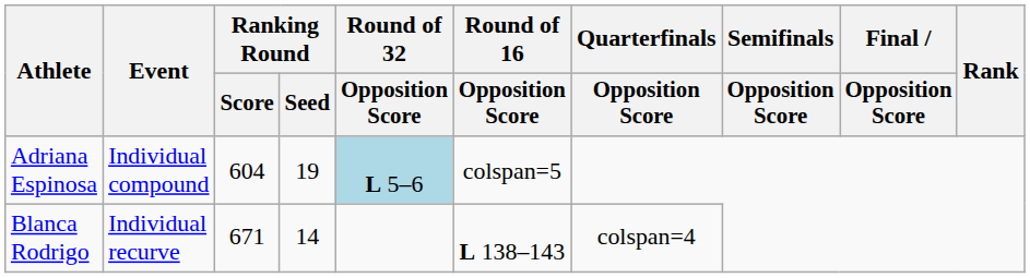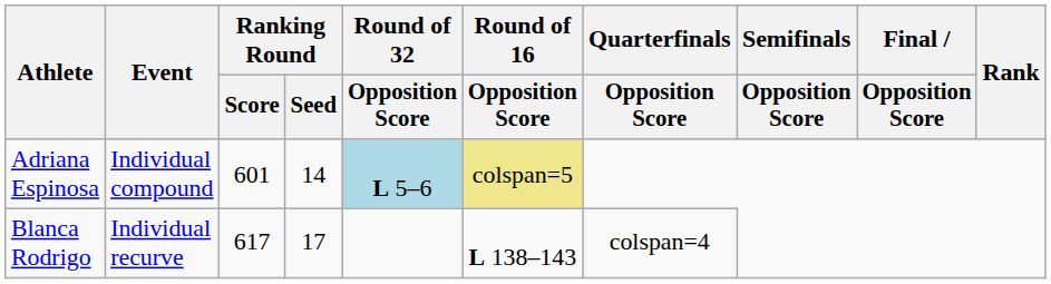 <table class="wikitable" style="font-size:90%">
 <tr>
 <th rowspan="2">Athlete</th>
 <th rowspan="2">Event</th>
 <th colspan="2">Ranking Round</th>
 <th>Round of 32</th>
 <th>Round of 16</th>
 <th>Quarterfinals</th>
 <th>Semifinals</th>
 <th>Final / </th>
 <th rowspan="2">Rank</th>
 </tr>
 <tr style="font-size:95%">
 <th>Score</th>
 <th>Seed</th>
 <th>Opposition<br>Score</th>
 <th>Opposition<br>Score</th>
 <th>Opposition<br>Score</th>
 <th>Opposition<br>Score</th>
 <th>Opposition<br>Score</th>
 </tr>
 <tr align=center>
 <td align=left><a href='#'>Adriana Espinosa</a></td>
 <td align=left><a href='#'>Individual compound</a></td>
-<td>604</td>
-<td>19</td>
+<td>601</td>
+<td>14</td>
 <td style="background: lightblue;"><br><strong>L</strong> 5–6</td>
-<td>colspan=5 </td>
+<td style="background: khaki;">colspan=5 </td>
 </tr>
 <tr align=center>
 <td align=left><a href='#'>Blanca Rodrigo</a></td>
 <td align=left><a href='#'>Individual recurve</a></td>
-<td>671</td>
-<td>14</td>
+<td>617</td>
+<td>17</td>
 <td></td>
 <td><br><strong>L</strong> 138–143</td>
 <td>colspan=4 </td>
 </tr>
 </table>
